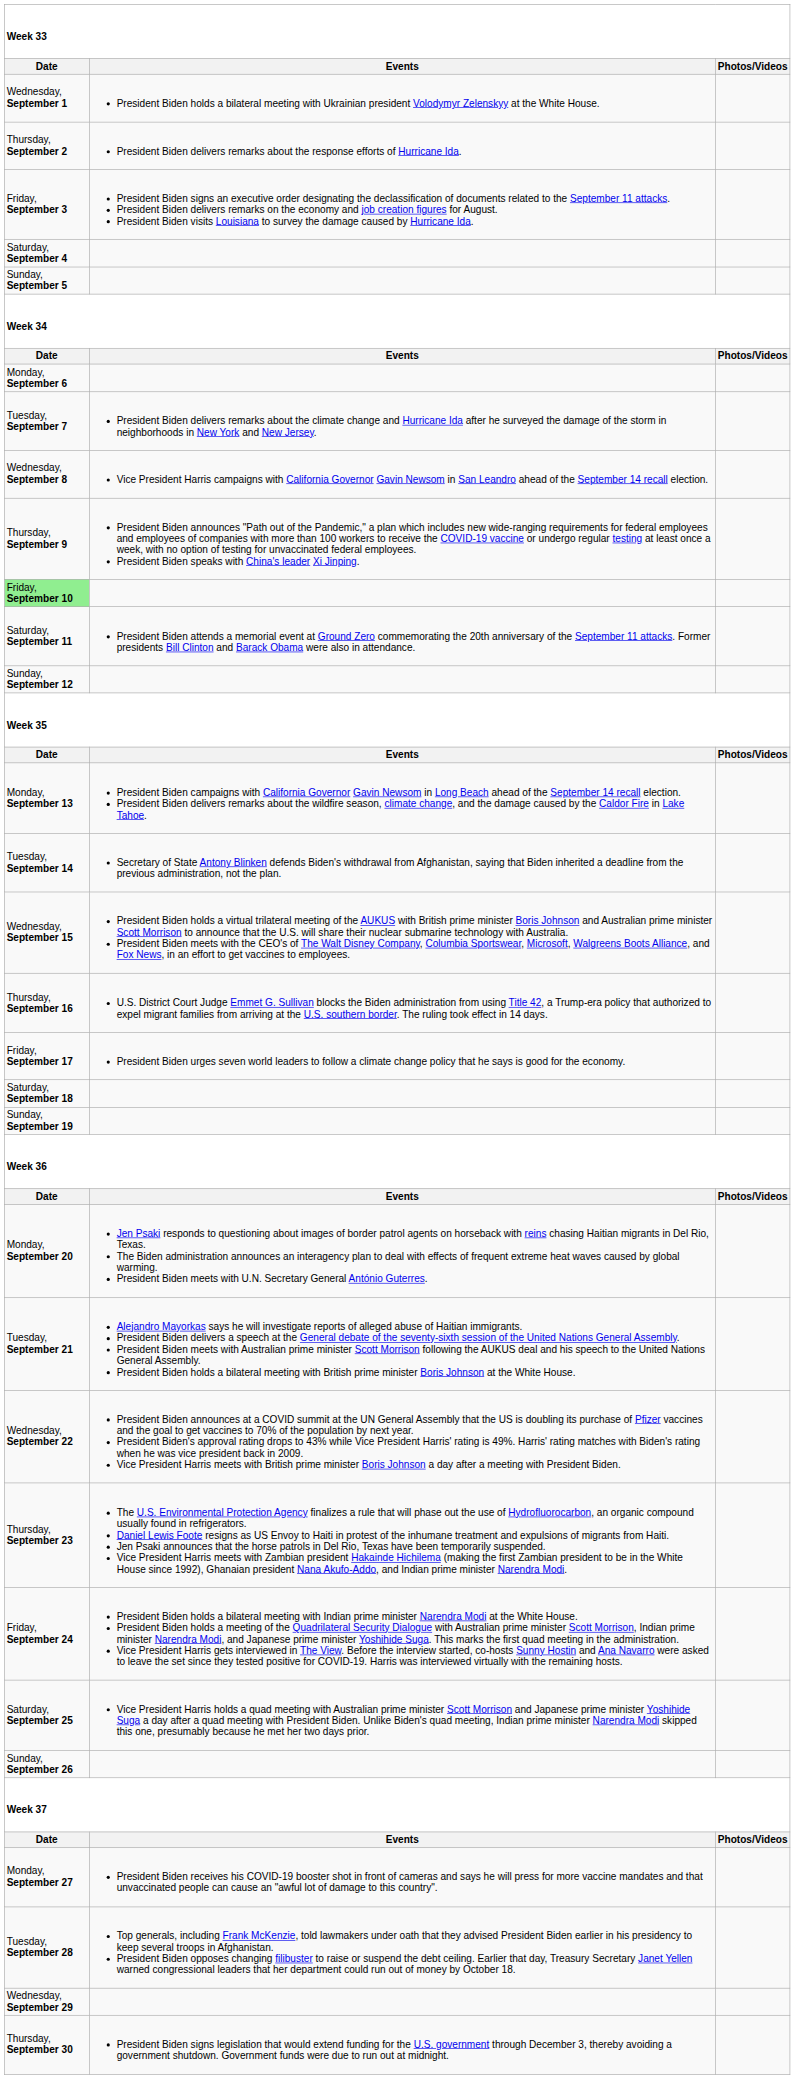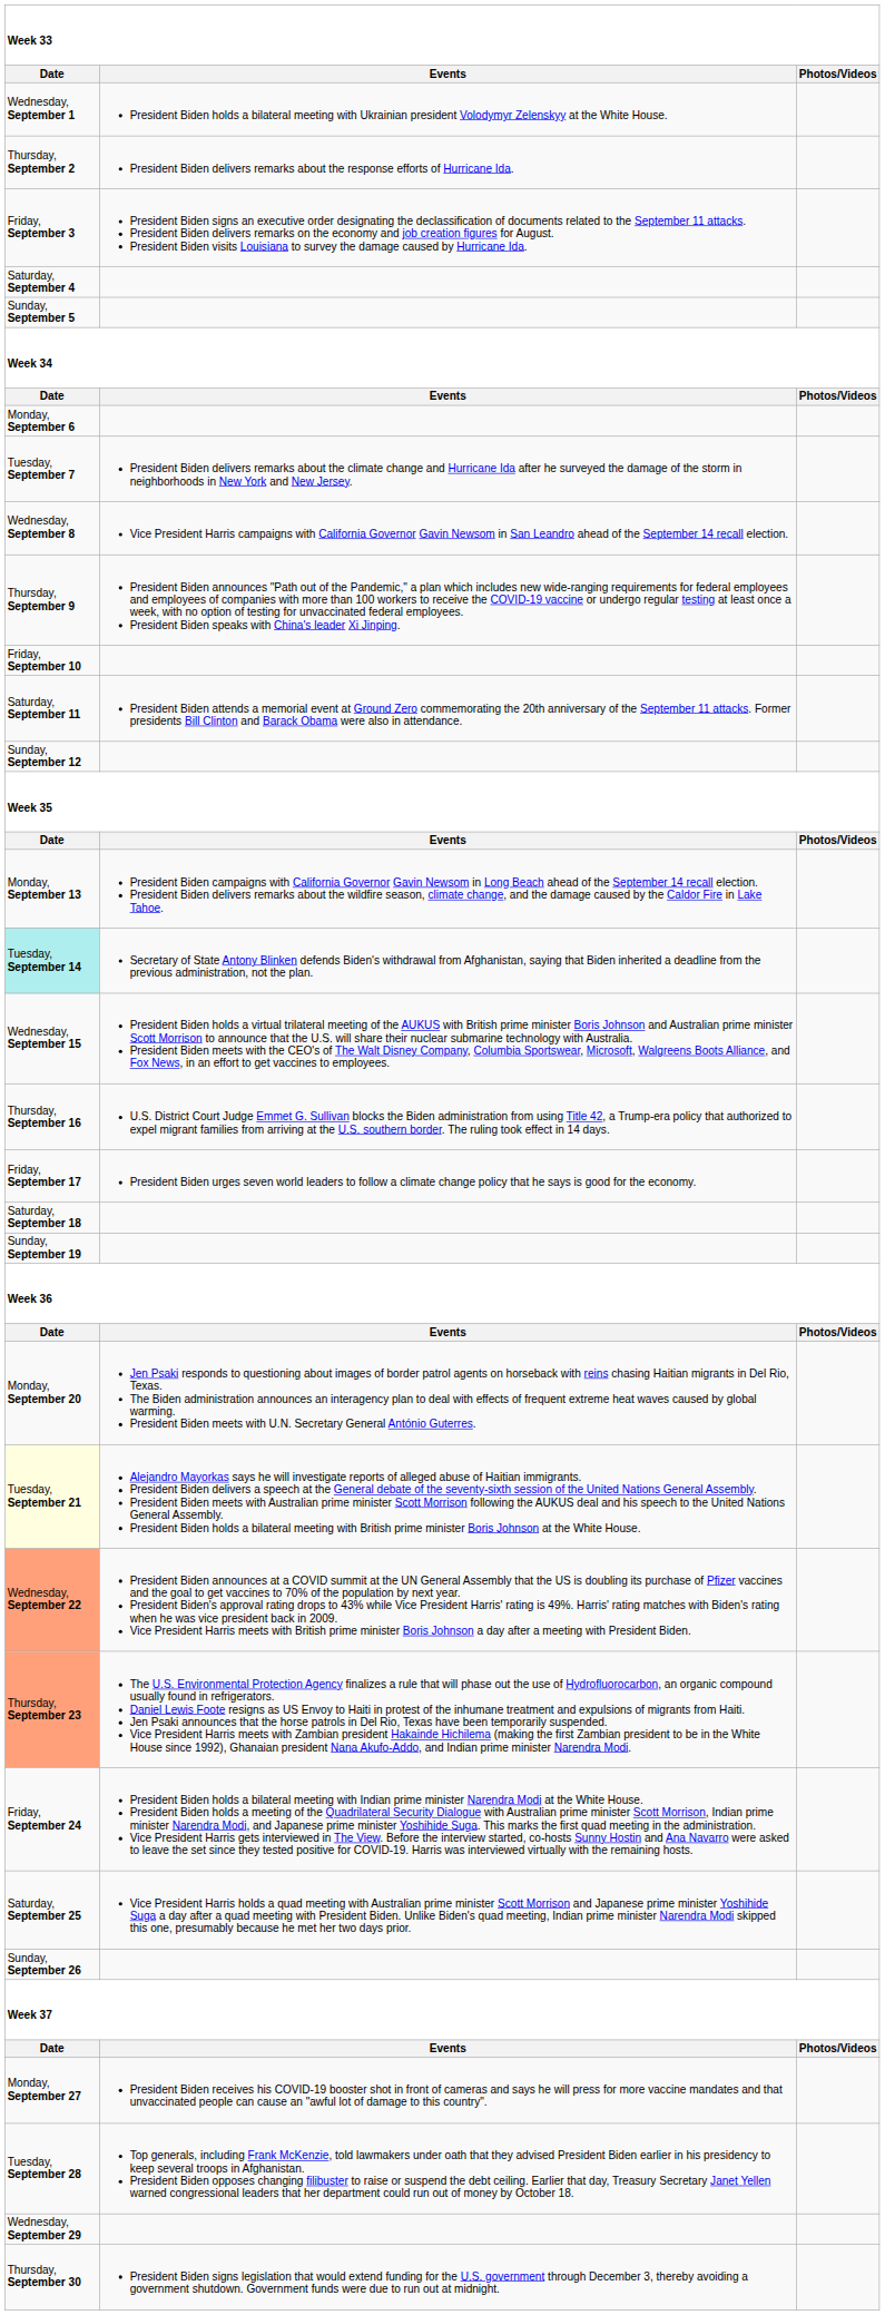 <table class="wikitable">
 <tr style="background:white;">
 <td colspan="3"><br><h4>Week 33</h4></td>
 </tr>
 <tr>
 <th>Date</th>
 <th>Events</th>
 <th>Photos/Videos</th>
 </tr>
 <tr>
 <td>Wednesday, <strong>September 1</strong></td>
 <td><br><ul><li>President Biden holds a bilateral meeting with Ukrainian president <a href='#'>Volodymyr Zelenskyy</a> at the White House.</li></ul></td>
 <td></td>
 </tr>
 <tr>
 <td>Thursday, <strong>September 2</strong></td>
 <td><br><ul><li>President Biden delivers remarks about the response efforts of <a href='#'>Hurricane Ida</a>.</li></ul></td>
 <td></td>
 </tr>
 <tr>
 <td>Friday, <strong>September 3</strong></td>
 <td><br><ul><li>President Biden signs an executive order designating the declassification of documents related to the <a href='#'>September 11 attacks</a>.</li><li>President Biden delivers remarks on the economy and <a href='#'>job creation figures</a> for August.</li><li>President Biden visits <a href='#'>Louisiana</a> to survey the damage caused by <a href='#'>Hurricane Ida</a>.</li></ul></td>
 <td><br></td>
 </tr>
 <tr>
 <td>Saturday, <strong>September 4</strong></td>
 <td></td>
 <td></td>
 </tr>
 <tr>
 <td>Sunday, <strong>September 5</strong></td>
 <td></td>
 <td></td>
 </tr>
 <tr style="background:white;">
 <td colspan="3"><br><h4>Week 34</h4></td>
 </tr>
 <tr>
 <th>Date</th>
 <th>Events</th>
 <th>Photos/Videos</th>
 </tr>
 <tr>
 <td>Monday, <strong>September 6</strong></td>
 <td></td>
 <td></td>
 </tr>
 <tr>
 <td>Tuesday, <strong>September 7</strong></td>
 <td><br><ul><li>President Biden delivers remarks about the climate change and <a href='#'>Hurricane Ida</a> after he surveyed the damage of the storm in neighborhoods in <a href='#'>New York</a> and <a href='#'>New Jersey</a>.</li></ul></td>
 <td></td>
 </tr>
 <tr>
 <td>Wednesday, <strong>September 8</strong></td>
 <td><br><ul><li>Vice President Harris campaigns with <a href='#'>California Governor</a> <a href='#'>Gavin Newsom</a> in <a href='#'>San Leandro</a> ahead of the <a href='#'>September 14 recall</a> election.</li></ul></td>
 <td></td>
 </tr>
 <tr>
 <td>Thursday, <strong>September 9</strong></td>
 <td><br><ul><li>President Biden announces "Path out of the Pandemic," a plan which includes new wide-ranging requirements for federal employees and employees of companies with more than 100 workers to receive the <a href='#'>COVID-19 vaccine</a> or undergo regular <a href='#'>testing</a> at least once a week, with no option of testing for unvaccinated federal employees.</li><li>President Biden speaks with <a href='#'>China's leader</a> <a href='#'>Xi Jinping</a>.</li></ul></td>
 <td></td>
 </tr>
 <tr>
-<td style="background: lightgreen;">Friday, <strong>September 10</strong></td>
+<td>Friday, <strong>September 10</strong></td>
 <td></td>
 <td></td>
 </tr>
 <tr>
 <td>Saturday, <strong>September 11</strong></td>
 <td><br><ul><li>President Biden attends a memorial event at <a href='#'>Ground Zero</a> commemorating the 20th anniversary of the <a href='#'>September 11 attacks</a>. Former presidents <a href='#'>Bill Clinton</a> and <a href='#'>Barack Obama</a> were also in attendance.</li></ul></td>
 <td></td>
 </tr>
 <tr>
 <td>Sunday, <strong>September 12</strong></td>
 <td></td>
 <td></td>
 </tr>
 <tr style="background:white;">
 <td colspan="3"><br><h4>Week 35</h4></td>
 </tr>
 <tr>
 <th>Date</th>
 <th>Events</th>
 <th>Photos/Videos</th>
 </tr>
 <tr>
 <td>Monday, <strong>September 13</strong></td>
 <td><br><ul><li>President Biden campaigns with <a href='#'>California Governor</a> <a href='#'>Gavin Newsom</a> in <a href='#'>Long Beach</a> ahead of the <a href='#'>September 14 recall</a> election.</li><li>President Biden delivers remarks about the wildfire season, <a href='#'>climate change</a>, and the damage caused by the <a href='#'>Caldor Fire</a> in <a href='#'>Lake Tahoe</a>.</li></ul></td>
 <td></td>
 </tr>
 <tr>
-<td>Tuesday, <strong>September 14</strong></td>
+<td style="background: paleturquoise;">Tuesday, <strong>September 14</strong></td>
 <td><br><ul><li>Secretary of State <a href='#'>Antony Blinken</a> defends Biden's withdrawal from Afghanistan, saying that Biden inherited a deadline from the previous administration, not the plan.</li></ul></td>
 <td></td>
 </tr>
 <tr>
 <td>Wednesday, <strong>September 15</strong></td>
 <td><br><ul><li>President Biden holds a virtual trilateral meeting of the <a href='#'>AUKUS</a> with British prime minister <a href='#'>Boris Johnson</a> and Australian prime minister <a href='#'>Scott Morrison</a> to announce that the U.S. will share their nuclear submarine technology with Australia.</li><li>President Biden meets with the CEO's of <a href='#'>The Walt Disney Company</a>, <a href='#'>Columbia Sportswear</a>, <a href='#'>Microsoft</a>, <a href='#'>Walgreens Boots Alliance</a>, and <a href='#'>Fox News</a>, in an effort to get vaccines to employees.</li></ul></td>
 <td><br></td>
 </tr>
 <tr>
 <td>Thursday, <strong>September 16</strong></td>
 <td><br><ul><li>U.S. District Court Judge <a href='#'>Emmet G. Sullivan</a> blocks the Biden administration from using <a href='#'>Title 42</a>, a Trump-era policy that authorized to expel migrant families from arriving at the <a href='#'>U.S. southern border</a>. The ruling took effect in 14 days.</li></ul></td>
 <td></td>
 </tr>
 <tr>
 <td>Friday, <strong>September 17</strong></td>
 <td><br><ul><li>President Biden urges seven world leaders to follow a climate change policy that he says is good for the economy.</li></ul></td>
 <td></td>
 </tr>
 <tr>
 <td>Saturday, <strong>September 18</strong></td>
 <td></td>
 <td></td>
 </tr>
 <tr>
 <td>Sunday, <strong>September 19</strong></td>
 <td></td>
 <td></td>
 </tr>
 <tr style="background:white;">
 <td colspan="3"><br><h4>Week 36</h4></td>
 </tr>
 <tr>
 <th>Date</th>
 <th>Events</th>
 <th>Photos/Videos</th>
 </tr>
 <tr>
 <td>Monday, <strong>September 20</strong></td>
 <td><br><ul><li><a href='#'>Jen Psaki</a> responds to questioning about images of border patrol agents on horseback with <a href='#'>reins</a> chasing Haitian migrants in Del Rio, Texas.</li><li>The Biden administration announces an interagency plan to deal with effects of frequent extreme heat waves caused by global warming.</li><li>President Biden meets with U.N. Secretary General <a href='#'>António Guterres</a>.</li></ul></td>
 <td></td>
 </tr>
 <tr>
-<td>Tuesday, <strong>September 21</strong></td>
+<td style="background: lightyellow;">Tuesday, <strong>September 21</strong></td>
 <td><br><ul><li><a href='#'>Alejandro Mayorkas</a> says he will investigate reports of alleged abuse of Haitian immigrants.</li><li>President Biden delivers a speech at the <a href='#'>General debate of the seventy-sixth session of the United Nations General Assembly</a>.</li><li>President Biden meets with Australian prime minister <a href='#'>Scott Morrison</a> following the AUKUS deal and his speech to the United Nations General Assembly.</li><li>President Biden holds a bilateral meeting with British prime minister <a href='#'>Boris Johnson</a> at the White House.</li></ul></td>
 <td><br> </td>
 </tr>
 <tr>
-<td>Wednesday, <strong>September 22</strong></td>
+<td style="background: lightsalmon;">Wednesday, <strong>September 22</strong></td>
 <td><br><ul><li>President Biden announces at a COVID summit at the UN General Assembly that the US is doubling its purchase of <a href='#'>Pfizer</a> vaccines and the goal to get vaccines to 70% of the population by next year.</li><li>President Biden's approval rating drops to 43% while Vice President Harris' rating is 49%. Harris' rating matches with Biden's rating when he was vice president back in 2009.</li><li>Vice President Harris meets with British prime minister <a href='#'>Boris Johnson</a> a day after a meeting with President Biden.</li></ul></td>
 <td></td>
 </tr>
 <tr>
-<td>Thursday, <strong>September 23</strong></td>
+<td style="background: lightsalmon;">Thursday, <strong>September 23</strong></td>
 <td><br><ul><li>The <a href='#'>U.S. Environmental Protection Agency</a> finalizes a rule that will phase out the use of <a href='#'>Hydrofluorocarbon</a>, an organic compound usually found in refrigerators.</li><li><a href='#'>Daniel Lewis Foote</a> resigns as US Envoy to Haiti in protest of the inhumane treatment and expulsions of migrants from Haiti.</li><li>Jen Psaki announces that the horse patrols in Del Rio, Texas have been temporarily suspended.</li><li>Vice President Harris meets with Zambian president <a href='#'>Hakainde Hichilema</a> (making the first Zambian president to be in the White House since 1992), Ghanaian president <a href='#'>Nana Akufo-Addo</a>, and Indian prime minister <a href='#'>Narendra Modi</a>.</li></ul></td>
 <td></td>
 </tr>
 <tr>
 <td>Friday, <strong>September 24</strong></td>
 <td><br><ul><li>President Biden holds a bilateral meeting with Indian prime minister <a href='#'>Narendra Modi</a> at the White House.</li><li>President Biden holds a meeting of the <a href='#'>Quadrilateral Security Dialogue</a> with Australian prime minister <a href='#'>Scott Morrison</a>, Indian prime minister <a href='#'>Narendra Modi</a>, and Japanese prime minister <a href='#'>Yoshihide Suga</a>. This marks the first quad meeting in the administration.</li><li>Vice President Harris gets interviewed in <a href='#'>The View</a>. Before the interview started, co-hosts <a href='#'>Sunny Hostin</a> and <a href='#'>Ana Navarro</a> were asked to leave the set since they tested positive for COVID-19. Harris was interviewed virtually with the remaining hosts.</li></ul></td>
 <td><br></td>
 </tr>
 <tr>
 <td>Saturday, <strong>September 25</strong></td>
 <td><br><ul><li>Vice President Harris holds a quad meeting with Australian prime minister <a href='#'>Scott Morrison</a> and Japanese prime minister <a href='#'>Yoshihide Suga</a> a day after a quad meeting with President Biden. Unlike Biden's quad meeting, Indian prime minister <a href='#'>Narendra Modi</a> skipped this one, presumably because he met her two days prior.</li></ul></td>
 <td></td>
 </tr>
 <tr>
 <td>Sunday, <strong>September 26</strong></td>
 <td></td>
 <td></td>
 </tr>
 <tr style="background:white;">
 <td colspan="3"><br><h4>Week 37</h4></td>
 </tr>
 <tr>
 <th>Date</th>
 <th>Events</th>
 <th>Photos/Videos</th>
 </tr>
 <tr>
 <td>Monday, <strong>September 27</strong></td>
 <td><br><ul><li>President Biden receives his COVID-19 booster shot in front of cameras and says he will press for more vaccine mandates and that unvaccinated people can cause an "awful lot of damage to this country".</li></ul></td>
 <td></td>
 </tr>
 <tr>
 <td>Tuesday, <strong>September 28</strong></td>
 <td><br><ul><li>Top generals, including <a href='#'>Frank McKenzie</a>, told lawmakers under oath that they advised President Biden earlier in his presidency to keep several troops in Afghanistan.</li><li>President Biden opposes changing <a href='#'>filibuster</a> to raise or suspend the debt ceiling. Earlier that day, Treasury Secretary <a href='#'>Janet Yellen</a> warned congressional leaders that her department could run out of money by October 18.</li></ul></td>
 <td></td>
 </tr>
 <tr>
 <td>Wednesday, <strong>September 29</strong></td>
 <td></td>
 <td></td>
 </tr>
 <tr>
 <td>Thursday, <strong>September 30</strong></td>
 <td><br><ul><li>President Biden signs legislation that would extend funding for the <a href='#'>U.S. government</a> through December 3, thereby avoiding a government shutdown. Government funds were due to run out at midnight.</li></ul></td>
 <td></td>
 </tr>
 </table>
